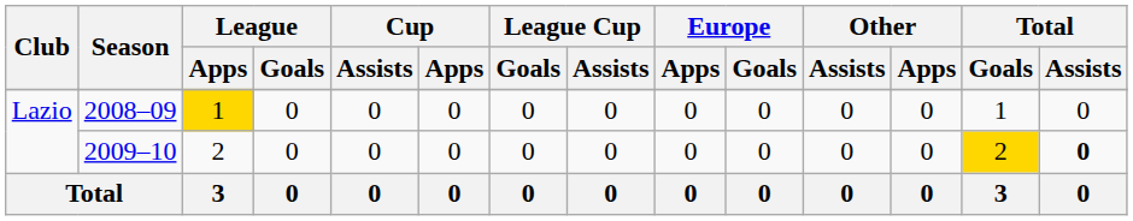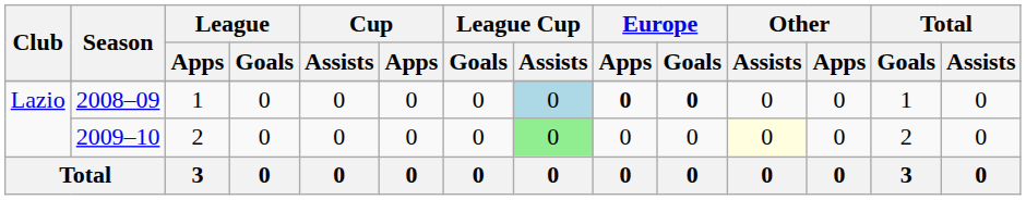 <table class="wikitable" style="text-align: center;">
 <tr>
 <th rowspan="2">Club</th>
 <th rowspan="2">Season</th>
 <th colspan="2">League</th>
 <th colspan="2">Cup</th>
 <th colspan="2">League Cup</th>
 <th colspan="2"><a href='#'>Europe</a></th>
 <th colspan="2">Other</th>
 <th colspan="2">Total</th>
 </tr>
 <tr>
 <th>Apps</th>
 <th>Goals</th>
 <th>Assists</th>
 <th>Apps</th>
 <th>Goals</th>
 <th>Assists</th>
 <th>Apps</th>
 <th>Goals</th>
 <th>Assists</th>
 <th>Apps</th>
 <th>Goals</th>
 <th>Assists</th>
 </tr>
 <tr>
 </tr>
 <tr>
 <td rowspan="2" valign="top"><a href='#'>Lazio</a></td>
 <td><a href='#'>2008–09</a></td>
-<td style="background: gold;">1</td>
+<td>1</td>
 <td>0</td>
 <td>0</td>
 <td>0</td>
 <td>0</td>
-<td>0</td>
-<td>0</td>
-<td>0</td>
+<td style="background: lightblue;">0</td>
+<td><strong>0</strong></td>
+<td><strong>0</strong></td>
 <td>0</td>
 <td>0</td>
 <td>1</td>
 <td>0</td>
 </tr>
 <tr>
 <td><a href='#'>2009–10</a></td>
 <td>2</td>
 <td>0</td>
 <td>0</td>
 <td>0</td>
 <td>0</td>
+<td style="background: lightgreen;">0</td>
 <td>0</td>
 <td>0</td>
+<td style="background: lightyellow;">0</td>
 <td>0</td>
+<td>2</td>
 <td>0</td>
-<td>0</td>
-<td style="background: gold;">2</td>
-<td><strong>0</strong></td>
 </tr>
 <tr>
 <th colspan="2">Total</th>
 <th>3</th>
 <th>0</th>
 <th>0</th>
 <th>0</th>
 <th>0</th>
 <th>0</th>
 <th>0</th>
 <th>0</th>
 <th>0</th>
 <th>0</th>
 <th>3</th>
 <th>0</th>
 </tr>
 </table>
